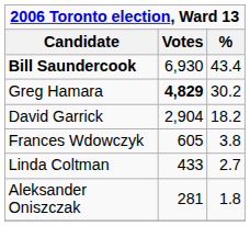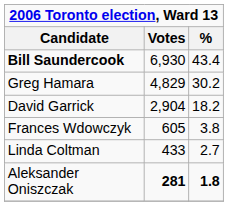 <table class="wikitable">
 <tr>
 <td Colspan="3" align="center"><strong><a href='#'>2006 Toronto election</a>, Ward 13</strong></td>
 </tr>
 <tr>
 <th bgcolor="#DDDDFF" width="150px">Candidate</th>
 <th bgcolor="#DDDDFF">Votes</th>
 <th bgcolor="#DDDDFF">%</th>
 </tr>
 <tr>
 <td><strong>Bill Saundercook</strong></td>
 <td align=right>6,930</td>
 <td align=right>43.4</td>
 </tr>
 <tr>
 <td>Greg Hamara</td>
-<td align=right><strong>4,829</strong></td>
+<td align=right>4,829</td>
 <td align=right>30.2</td>
 </tr>
 <tr>
 <td>David Garrick</td>
 <td align=right>2,904</td>
 <td align=right>18.2</td>
 </tr>
 <tr>
 <td>Frances Wdowczyk</td>
 <td align=right>605</td>
 <td align=right>3.8</td>
 </tr>
 <tr>
 <td>Linda Coltman</td>
 <td align=right>433</td>
 <td align=right>2.7</td>
 </tr>
 <tr>
 <td>Aleksander Oniszczak</td>
-<td align=right>281</td>
-<td align=right>1.8</td>
+<td align=right><strong>281</strong></td>
+<td align=right><strong>1.8</strong></td>
 </tr>
 <tr>
 </tr>
 </table>
